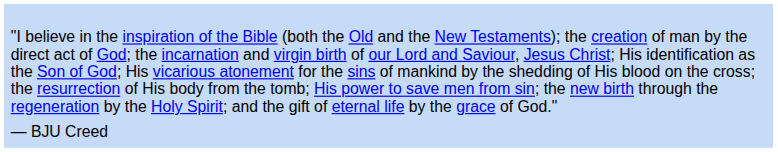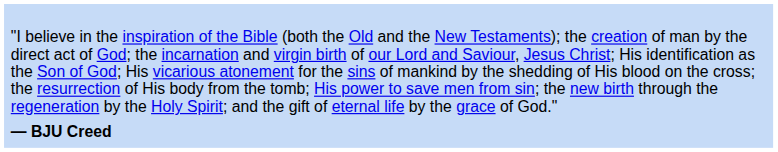 <table class="toccolours" style="float: right; margin-left: 1em; margin-right: 2em; font-size: 85%; background:#c6dbf7; color:black; width:50em; max-width: 75%;" cellspacing="5">
 <tr>
 <td style="text-align: left;"><br>"I believe in the <a href='#'>inspiration of the Bible</a> (both the <a href='#'>Old</a> and the <a href='#'>New Testaments</a>); the <a href='#'>creation</a> of man by the direct act of <a href='#'>God</a>; the <a href='#'>incarnation</a> and <a href='#'>virgin birth</a> of <a href='#'>our Lord and Saviour</a>, <a href='#'>Jesus Christ</a>; His identification as the <a href='#'>Son of God</a>; His <a href='#'>vicarious atonement</a> for the <a href='#'>sins</a> of mankind by the shedding of His blood on the cross; the <a href='#'>resurrection</a> of His body from the tomb; <a href='#'>His power to save men from sin</a>; the <a href='#'>new birth</a> through the <a href='#'>regeneration</a> by the <a href='#'>Holy Spirit</a>; and the gift of <a href='#'>eternal life</a> by the <a href='#'>grace</a> of God."</td>
 </tr>
 <tr>
-<td style="text-align: left;">— BJU Creed</td>
+<td style="text-align: left;"><strong>— BJU Creed</strong></td>
 </tr>
 </table>
